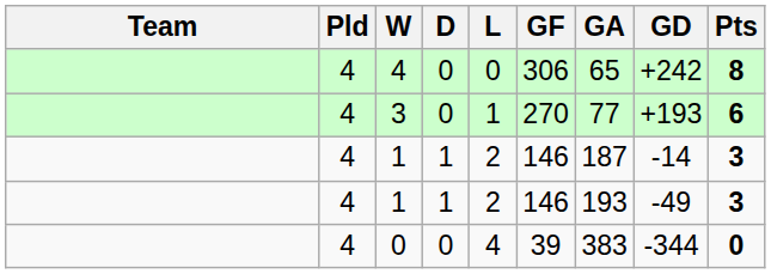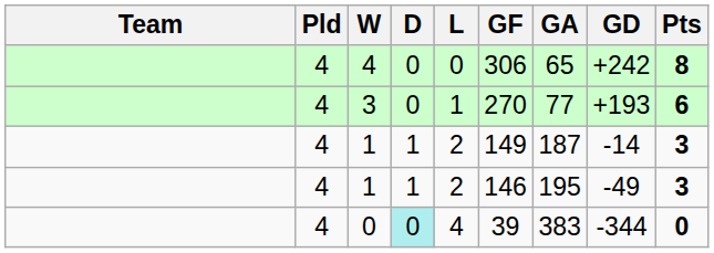 <table class="wikitable" style="text-align:center;">
 <tr>
 <th width=175>Team</th>
 <th width=20 abbr="Played">Pld</th>
 <th width=20 abbr="Won">W</th>
 <th width=20 abbr="Drawn">D</th>
 <th width=20 abbr="Lost">L</th>
 <th width=20 abbr="Goals for">GF</th>
 <th width=20 abbr="Goals against">GA</th>
 <th width=20 abbr="Goal difference">GD</th>
 <th width=20 abbr="Points">Pts</th>
 </tr>
 <tr bgcolor="#ccffcc">
 <td align=left></td>
 <td>4</td>
 <td>4</td>
 <td>0</td>
 <td>0</td>
 <td>306</td>
 <td>65</td>
 <td>+242</td>
 <td><strong>8</strong></td>
 </tr>
 <tr bgcolor="#ccffcc">
 <td align=left></td>
 <td>4</td>
 <td>3</td>
 <td>0</td>
 <td>1</td>
 <td>270</td>
 <td>77</td>
 <td>+193</td>
 <td><strong>6</strong></td>
 </tr>
 <tr>
 <td align=left></td>
 <td>4</td>
 <td>1</td>
 <td>1</td>
 <td>2</td>
-<td>146</td>
+<td>149</td>
 <td>187</td>
 <td>-14</td>
 <td><strong>3</strong></td>
 </tr>
 <tr>
 <td align=left></td>
 <td>4</td>
 <td>1</td>
 <td>1</td>
 <td>2</td>
 <td>146</td>
-<td>193</td>
+<td>195</td>
 <td>-49</td>
 <td><strong>3</strong></td>
 </tr>
 <tr>
 <td align=left></td>
 <td>4</td>
 <td>0</td>
-<td>0</td>
+<td style="background: paleturquoise;">0</td>
 <td>4</td>
 <td>39</td>
 <td>383</td>
 <td>-344</td>
 <td><strong>0</strong></td>
 </tr>
 </table>
